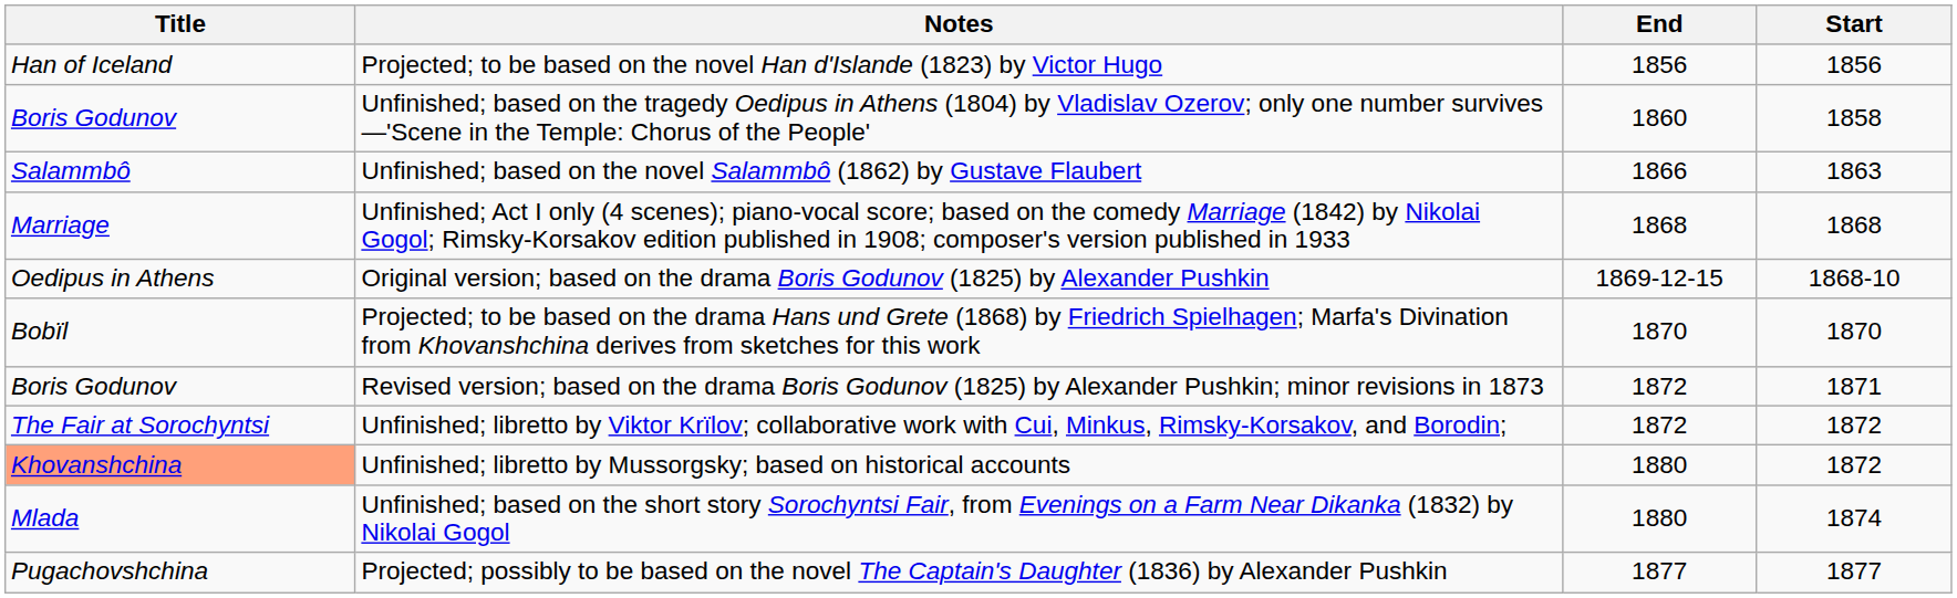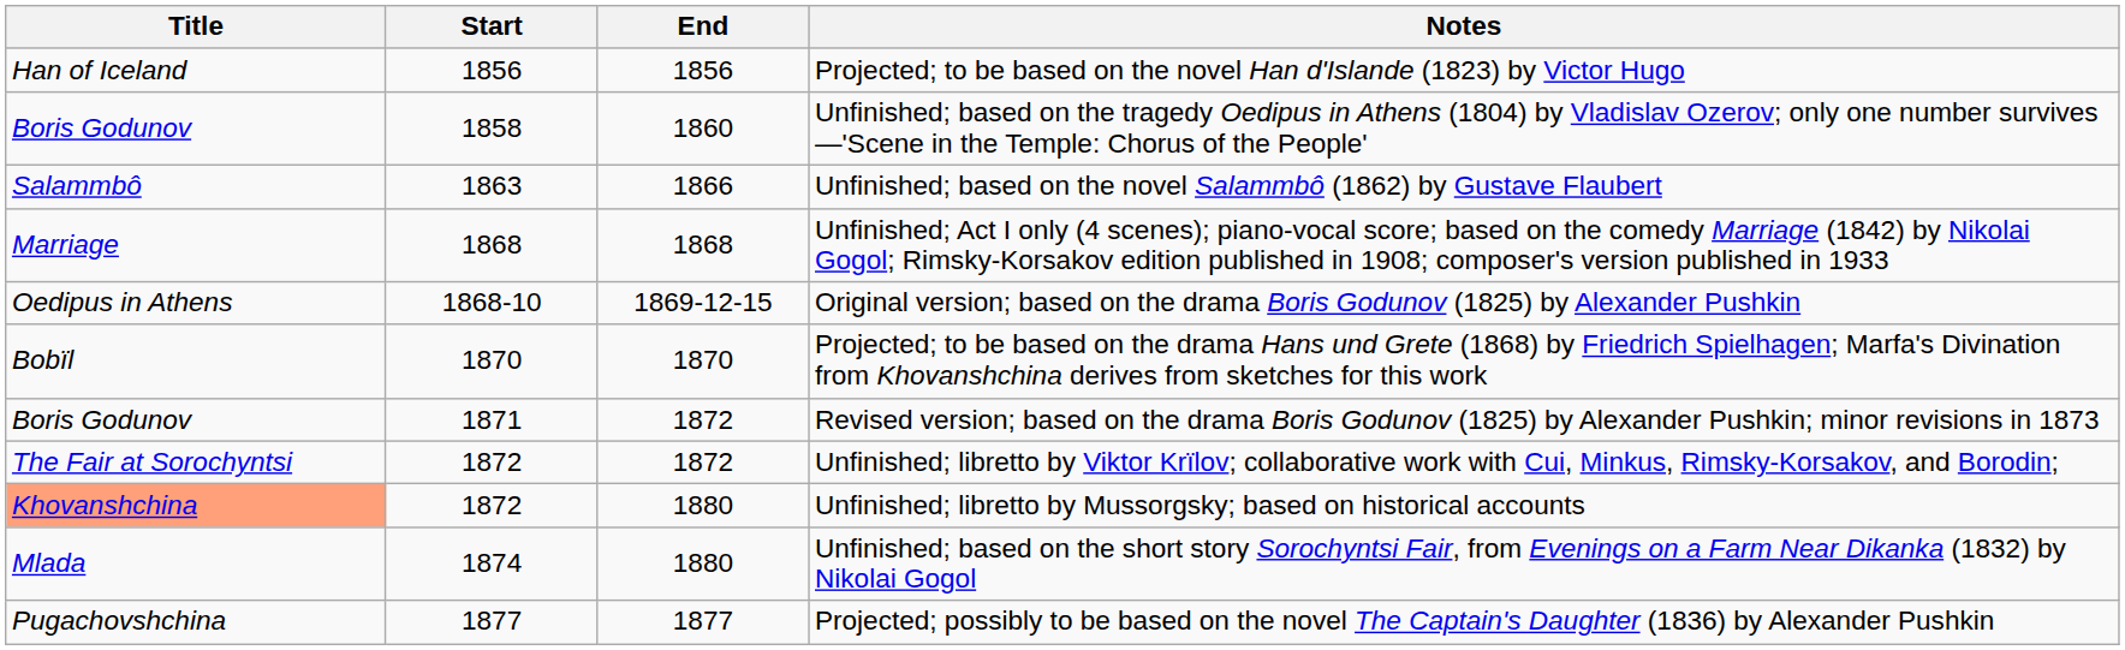 <table class="wikitable sortable">
 <tr>
 <th style="width:18%;">Title</th>
+<th style="width:10%;">Start</th>
+<th style="width:10%;">End</th>
 <th style="width:62%;">Notes</th>
-<th style="width:10%;">End</th>
-<th style="width:10%;">Start</th>
 </tr>
 <tr>
 <td><em>Han of Iceland</em></td>
+<td align="center">1856</td>
+<td align=center>1856</td>
 <td>Projected; to be based on the novel <em>Han d'Islande</em> (1823) by <a href='#'>Victor Hugo</a></td>
-<td align=center>1856</td>
-<td align="center">1856</td>
 </tr>
 <tr>
 <td><em><a href='#'>Boris Godunov</a></em></td>
+<td align="center">1858</td>
+<td align=center>1860</td>
 <td>Unfinished; based on the tragedy <em>Oedipus in Athens</em> (1804) by <a href='#'>Vladislav Ozerov</a>; only one number survives—'Scene in the Temple: Chorus of the People'</td>
-<td align=center>1860</td>
-<td align="center">1858</td>
 </tr>
 <tr>
 <td><em><a href='#'>Salammbô</a></em></td>
+<td align=center>1863</td>
+<td align=center>1866</td>
 <td>Unfinished; based on the novel <em><a href='#'>Salammbô</a></em> (1862) by <a href='#'>Gustave Flaubert</a></td>
-<td align=center>1866</td>
-<td align=center>1863</td>
 </tr>
 <tr>
 <td><em><a href='#'>Marriage</a></em></td>
-<td>Unfinished; Act I only (4 scenes); piano-vocal score; based on the comedy <em><a href='#'>Marriage</a></em> (1842) by <a href='#'>Nikolai Gogol</a>; Rimsky-Korsakov edition published in 1908; composer's version published in 1933</td>
 <td align=center>1868</td>
 <td align=center>1868</td>
+<td>Unfinished; Act I only (4 scenes); piano-vocal score; based on the comedy <em><a href='#'>Marriage</a></em> (1842) by <a href='#'>Nikolai Gogol</a>; Rimsky-Korsakov edition published in 1908; composer's version published in 1933</td>
 </tr>
 <tr>
 <td><em>Oedipus in Athens</em></td>
+<td align=center>1868-10</td>
+<td align=center>1869-12-15</td>
 <td>Original version; based on the drama <em><a href='#'>Boris Godunov</a></em> (1825) by <a href='#'>Alexander Pushkin</a></td>
-<td align=center>1869-12-15</td>
-<td align=center>1868-10</td>
 </tr>
 <tr>
 <td><em>Bobïl</em></td>
+<td align="center">1870</td>
+<td align=center>1870</td>
 <td>Projected; to be based on the drama <em>Hans und Grete</em> (1868) by <a href='#'>Friedrich Spielhagen</a>; Marfa's Divination from <em>Khovanshchina</em> derives from sketches for this work</td>
-<td align=center>1870</td>
-<td align="center">1870</td>
 </tr>
 <tr>
 <td><em>Boris Godunov</em></td>
+<td align=center>1871</td>
+<td align=center>1872</td>
 <td>Revised version; based on the drama <em>Boris Godunov</em> (1825) by Alexander Pushkin; minor revisions in 1873</td>
-<td align=center>1872</td>
-<td align=center>1871</td>
 </tr>
 <tr>
 <td><em><a href='#'>The Fair at Sorochyntsi</a></em></td>
-<td>Unfinished; libretto by <a href='#'>Viktor Krïlov</a>; collaborative work with <a href='#'>Cui</a>, <a href='#'>Minkus</a>, <a href='#'>Rimsky-Korsakov</a>, and <a href='#'>Borodin</a>;</td>
 <td align=center>1872</td>
 <td align=center>1872</td>
+<td>Unfinished; libretto by <a href='#'>Viktor Krïlov</a>; collaborative work with <a href='#'>Cui</a>, <a href='#'>Minkus</a>, <a href='#'>Rimsky-Korsakov</a>, and <a href='#'>Borodin</a>;</td>
 </tr>
 <tr>
 <td style="background: lightsalmon;"><em><a href='#'>Khovanshchina</a></em></td>
+<td align=center>1872</td>
+<td align=center>1880</td>
 <td>Unfinished; libretto by Mussorgsky; based on historical accounts</td>
-<td align=center>1880</td>
-<td align=center>1872</td>
 </tr>
 <tr>
 <td><em><a href='#'>Mlada</a></em></td>
+<td align=center>1874</td>
+<td align=center>1880</td>
 <td>Unfinished; based on the short story <em><a href='#'>Sorochyntsi Fair</a></em>, from <em><a href='#'>Evenings on a Farm Near Dikanka</a></em> (1832) by <a href='#'>Nikolai Gogol</a></td>
-<td align=center>1880</td>
-<td align=center>1874</td>
 </tr>
 <tr>
 <td><em>Pugachovshchina</em></td>
+<td align="center">1877</td>
+<td align=center>1877</td>
 <td>Projected; possibly to be based on the novel <em><a href='#'>The Captain's Daughter</a></em> (1836) by Alexander Pushkin</td>
-<td align=center>1877</td>
-<td align="center">1877</td>
 </tr>
 </table>
